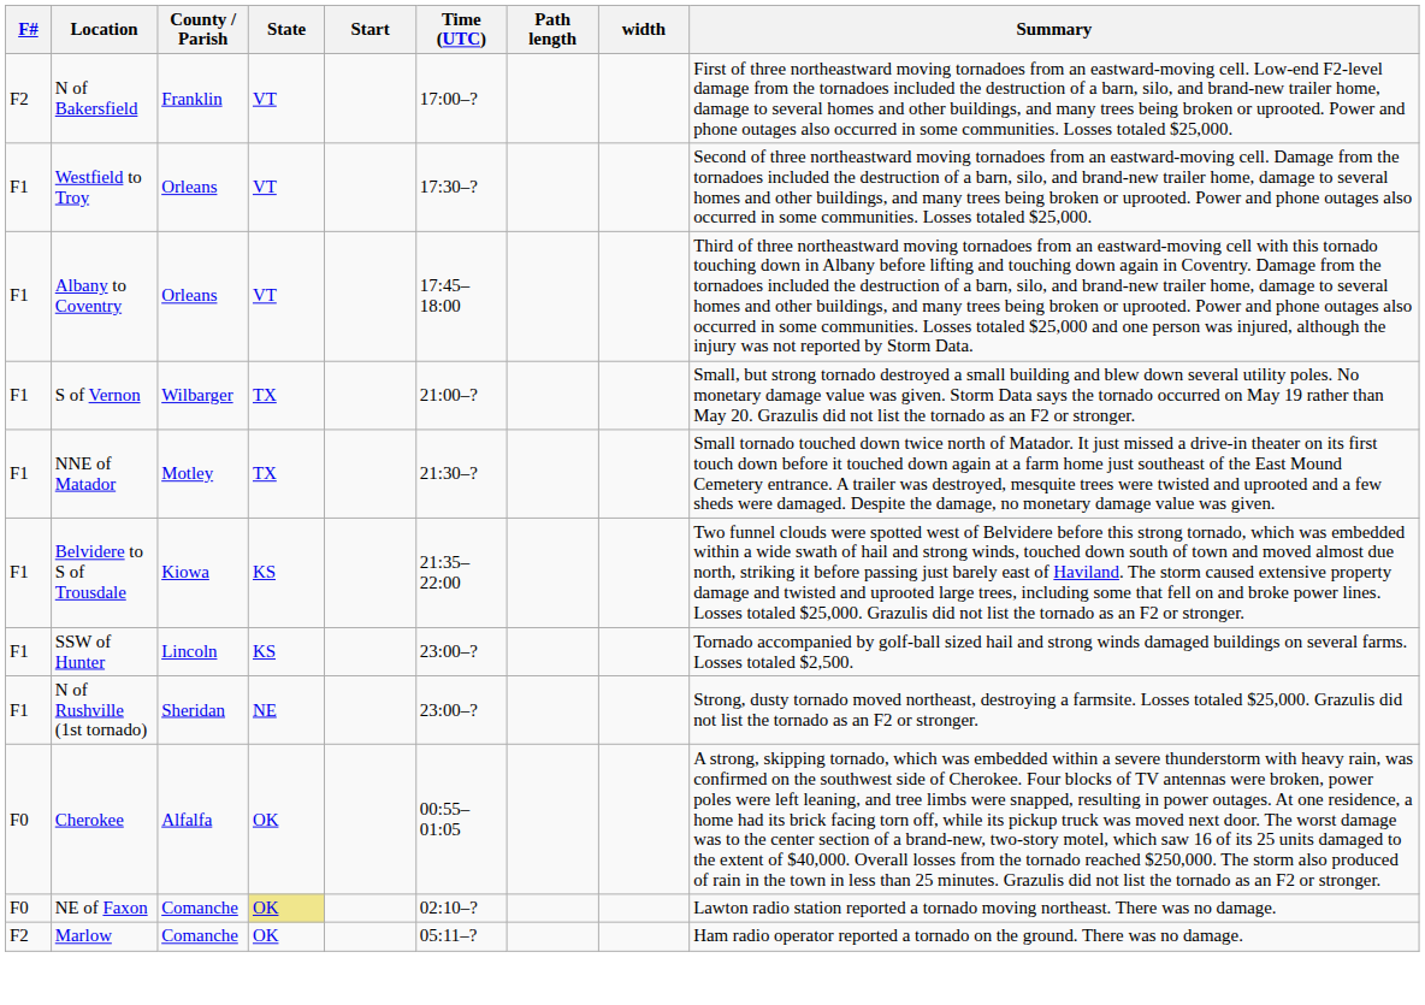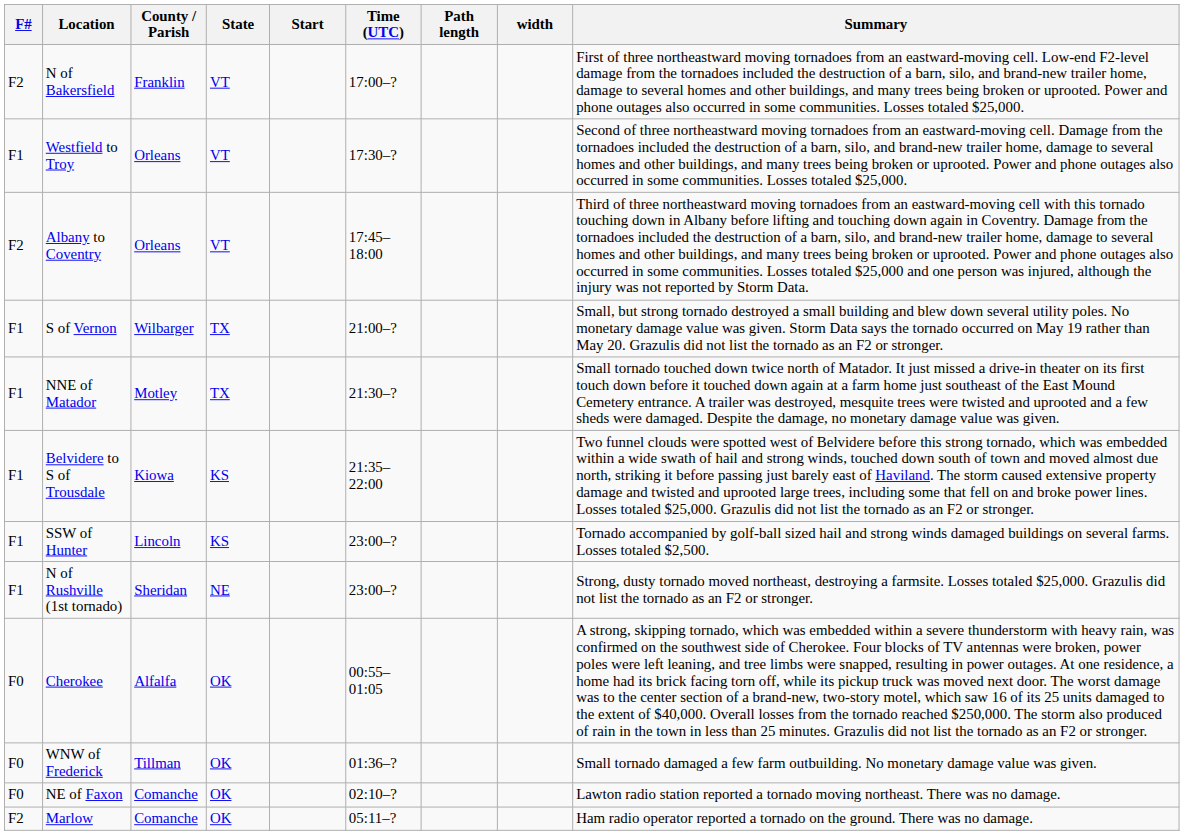 <table class="wikitable sortable" style="width:100%;">
 <tr>
 <th scope="col"  style="width:3%; text-align:center;"><a href='#'>F#</a></th>
 <th scope="col"  style="width:7%; text-align:center;" class="unsortable">Location</th>
 <th scope="col"  style="width:6%; text-align:center;" class="unsortable">County / Parish</th>
 <th scope="col"  style="width:5%; text-align:center;">State</th>
 <th scope="col"  style="width:6%; text-align:center;">Start<br></th>
 <th scope="col"  style="width:6%; text-align:center;">Time (<a href='#'>UTC</a>)</th>
 <th scope="col"  style="width:6%; text-align:center;">Path length</th>
 <th scope="col"  style="width:6%; text-align:center;"> width</th>
 <th scope="col" class="unsortable" style="width:48%; text-align:center;">Summary</th>
 </tr>
 <tr>
 <td>F2</td>
 <td>N of <a href='#'>Bakersfield</a></td>
 <td><a href='#'>Franklin</a></td>
 <td><a href='#'>VT</a></td>
 <td></td>
 <td>17:00–?</td>
 <td></td>
 <td></td>
 <td>First of three northeastward moving tornadoes from an eastward-moving cell. Low-end F2-level damage from the tornadoes included the destruction of a barn, silo, and brand-new trailer home, damage to several homes and other buildings, and many trees being broken or uprooted. Power and phone outages also occurred in some communities. Losses totaled $25,000.</td>
 </tr>
 <tr>
 <td>F1</td>
 <td><a href='#'>Westfield</a> to <a href='#'>Troy</a></td>
 <td><a href='#'>Orleans</a></td>
 <td><a href='#'>VT</a></td>
 <td></td>
 <td>17:30–?</td>
 <td></td>
 <td></td>
 <td>Second of three northeastward moving tornadoes from an eastward-moving cell. Damage from the tornadoes included the destruction of a barn, silo, and brand-new trailer home, damage to several homes and other buildings, and many trees being broken or uprooted. Power and phone outages also occurred in some communities. Losses totaled $25,000.</td>
 </tr>
 <tr>
-<td>F1</td>
+<td>F2</td>
 <td><a href='#'>Albany</a> to <a href='#'>Coventry</a></td>
 <td><a href='#'>Orleans</a></td>
 <td><a href='#'>VT</a></td>
 <td></td>
 <td>17:45–18:00</td>
 <td></td>
 <td></td>
 <td>Third of three northeastward moving tornadoes from an eastward-moving cell with this tornado touching down in Albany before lifting and touching down again in Coventry. Damage from the tornadoes included the destruction of a barn, silo, and brand-new trailer home, damage to several homes and other buildings, and many trees being broken or uprooted. Power and phone outages also occurred in some communities. Losses totaled $25,000 and one person was injured, although the injury was not reported by Storm Data.</td>
 </tr>
 <tr>
 <td>F1</td>
 <td>S of <a href='#'>Vernon</a></td>
 <td><a href='#'>Wilbarger</a></td>
 <td><a href='#'>TX</a></td>
 <td></td>
 <td>21:00–?</td>
 <td></td>
 <td></td>
 <td>Small, but strong tornado destroyed a small building and blew down several utility poles. No monetary damage value was given. Storm Data says the tornado occurred on May 19 rather than May 20. Grazulis did not list the tornado as an F2 or stronger.</td>
 </tr>
 <tr>
 <td>F1</td>
 <td>NNE of <a href='#'>Matador</a></td>
 <td><a href='#'>Motley</a></td>
 <td><a href='#'>TX</a></td>
 <td></td>
 <td>21:30–?</td>
 <td></td>
 <td></td>
 <td>Small tornado touched down twice north of Matador. It just missed a drive-in theater on its first touch down before it touched down again at a farm home just southeast of the East Mound Cemetery entrance. A trailer was destroyed, mesquite trees were twisted and uprooted and a few sheds were damaged. Despite the damage, no monetary damage value was given.</td>
 </tr>
 <tr>
 <td>F1</td>
 <td><a href='#'>Belvidere</a> to S of <a href='#'>Trousdale</a></td>
 <td><a href='#'>Kiowa</a></td>
 <td><a href='#'>KS</a></td>
 <td></td>
 <td>21:35–22:00</td>
 <td></td>
 <td></td>
 <td>Two funnel clouds were spotted west of Belvidere before this strong tornado, which was embedded within a  wide swath of  hail and strong winds, touched down south of town and moved almost due north, striking it before passing just barely east of <a href='#'>Haviland</a>. The storm caused extensive property damage and twisted and uprooted large trees, including some that fell on and broke power lines. Losses totaled $25,000. Grazulis did not list the tornado as an F2 or stronger.</td>
 </tr>
 <tr>
 <td>F1</td>
 <td>SSW of <a href='#'>Hunter</a></td>
 <td><a href='#'>Lincoln</a></td>
 <td><a href='#'>KS</a></td>
 <td></td>
 <td>23:00–?</td>
 <td></td>
 <td></td>
 <td>Tornado accompanied by golf-ball sized hail and strong winds damaged buildings on several farms. Losses totaled $2,500.</td>
 </tr>
 <tr>
 <td>F1</td>
 <td>N of <a href='#'>Rushville</a> (1st tornado)</td>
 <td><a href='#'>Sheridan</a></td>
 <td><a href='#'>NE</a></td>
 <td></td>
 <td>23:00–?</td>
 <td></td>
 <td></td>
 <td>Strong, dusty tornado moved northeast, destroying a farmsite. Losses totaled $25,000. Grazulis did not list the tornado as an F2 or stronger.</td>
 </tr>
 <tr>
 <td>F0</td>
 <td><a href='#'>Cherokee</a></td>
 <td><a href='#'>Alfalfa</a></td>
 <td><a href='#'>OK</a></td>
 <td></td>
 <td>00:55–01:05</td>
 <td></td>
 <td></td>
 <td>A strong, skipping tornado, which was embedded within a severe thunderstorm with heavy rain, was confirmed on the southwest side of Cherokee. Four blocks of TV antennas were broken, power poles were left leaning, and tree limbs were snapped, resulting in power outages. At one residence, a home had its brick facing torn off, while its pickup truck was moved next door. The worst damage was to the center section of a brand-new, two-story motel, which saw 16 of its 25 units damaged to the extent of $40,000. Overall losses from the tornado reached $250,000. The storm also produced  of rain in the town in less than 25 minutes. Grazulis did not list the tornado as an F2 or stronger.</td>
 </tr>
 <tr>
 <td>F0</td>
+<td>WNW of <a href='#'>Frederick</a></td>
+<td><a href='#'>Tillman</a></td>
+<td><a href='#'>OK</a></td>
+<td></td>
+<td>01:36–?</td>
+<td></td>
+<td></td>
+<td>Small tornado damaged a few farm outbuilding. No monetary damage value was given.</td>
+</tr>
+<tr>
+<td>F0</td>
 <td>NE of <a href='#'>Faxon</a></td>
 <td><a href='#'>Comanche</a></td>
-<td style="background: khaki;"><a href='#'>OK</a></td>
+<td><a href='#'>OK</a></td>
 <td></td>
 <td>02:10–?</td>
 <td></td>
 <td></td>
 <td>Lawton radio station reported a tornado moving northeast. There was no damage.</td>
 </tr>
 <tr>
 <td>F2</td>
 <td><a href='#'>Marlow</a></td>
 <td><a href='#'>Comanche</a></td>
 <td><a href='#'>OK</a></td>
 <td></td>
 <td>05:11–?</td>
 <td></td>
 <td></td>
 <td>Ham radio operator reported a tornado on the ground. There was no damage.</td>
 </tr>
 </table>
